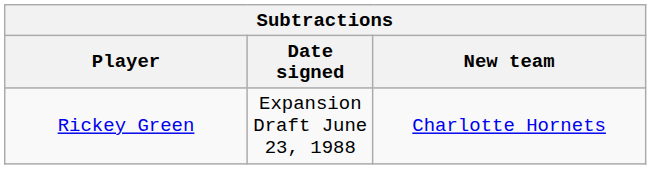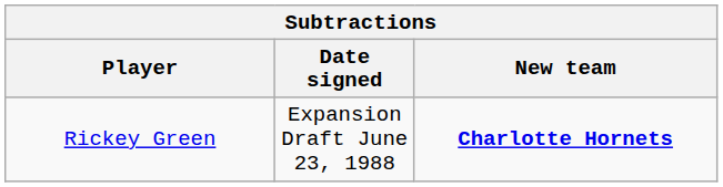 <table class="wikitable" style="text-align:center">
 <tr>
 <th colspan=3>Subtractions</th>
 </tr>
 <tr>
 <th style="width:160px">Player</th>
 <th style="width:80px">Date signed</th>
 <th style="width:180px">New team</th>
 </tr>
 <tr>
 <td><a href='#'>Rickey Green</a></td>
 <td>Expansion Draft June 23, 1988</td>
-<td><a href='#'>Charlotte Hornets</a></td>
+<td><strong><a href='#'>Charlotte Hornets</a></strong></td>
 </tr>
 </table>
